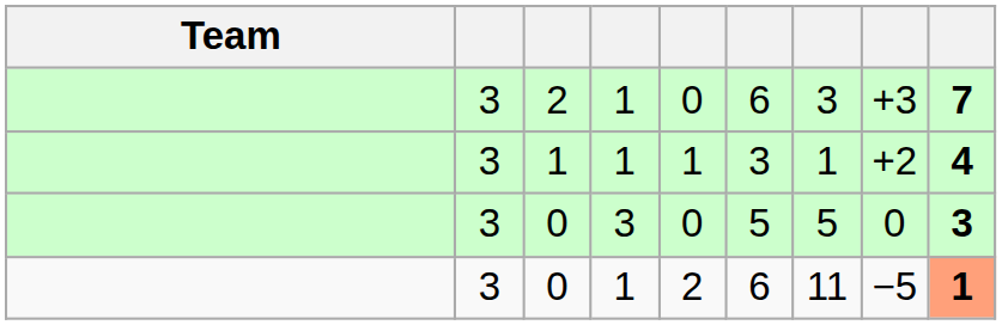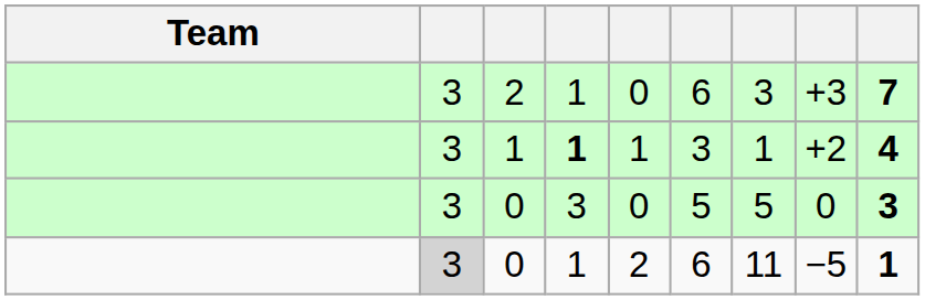 <table class="wikitable" style="text-align:center">
 <tr>
 <th width=175>Team</th>
 <th width=20></th>
 <th width=20></th>
 <th width=20></th>
 <th width=20></th>
 <th width=20></th>
 <th width=20></th>
 <th width=20></th>
 <th width=20></th>
 </tr>
 <tr bgcolor=ccffcc>
 <td align=left></td>
 <td>3</td>
 <td>2</td>
 <td>1</td>
 <td>0</td>
 <td>6</td>
 <td>3</td>
 <td>+3</td>
 <td><strong>7</strong></td>
 </tr>
 <tr bgcolor=ccffcc>
 <td align=left></td>
 <td>3</td>
 <td>1</td>
-<td>1</td>
+<td><strong>1</strong></td>
 <td>1</td>
 <td>3</td>
 <td>1</td>
 <td>+2</td>
 <td><strong>4</strong></td>
 </tr>
 <tr bgcolor=ccffcc>
 <td align=left></td>
 <td>3</td>
 <td>0</td>
 <td>3</td>
 <td>0</td>
 <td>5</td>
 <td>5</td>
 <td>0</td>
 <td><strong>3</strong></td>
 </tr>
 <tr>
 <td align=left></td>
-<td>3</td>
+<td style="background: lightgrey;">3</td>
 <td>0</td>
 <td>1</td>
 <td>2</td>
 <td>6</td>
 <td>11</td>
 <td>−5</td>
-<td style="background: lightsalmon;"><strong>1</strong></td>
+<td><strong>1</strong></td>
 </tr>
 </table>
